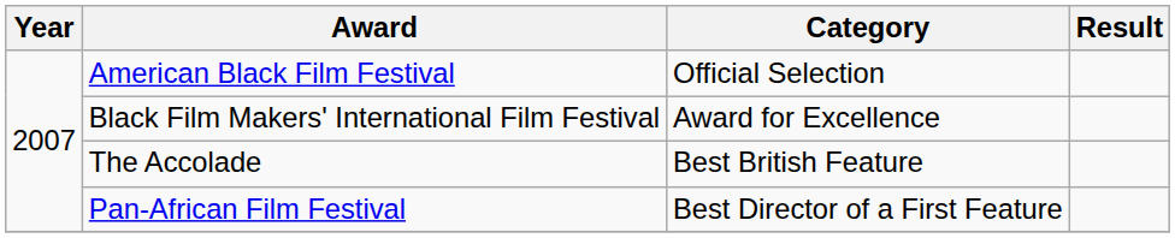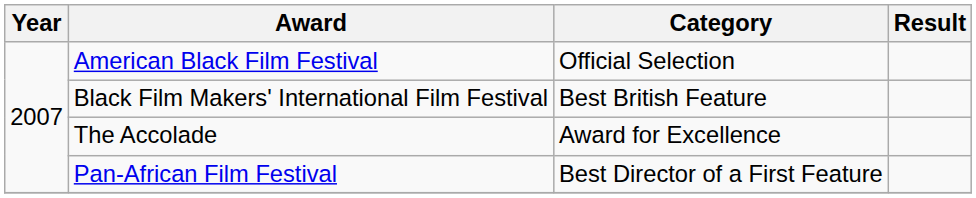 <table class="wikitable">
 <tr>
 <th>Year</th>
 <th>Award</th>
 <th>Category</th>
 <th>Result</th>
 </tr>
 <tr>
 <td rowspan="4">2007</td>
 <td><a href='#'>American Black Film Festival</a></td>
 <td>Official Selection</td>
 <td></td>
 </tr>
 <tr>
 <td>Black Film Makers' International Film Festival</td>
-<td>Award for Excellence</td>
+<td>Best British Feature</td>
 <td></td>
 </tr>
 <tr>
 <td>The Accolade</td>
-<td>Best British Feature</td>
+<td>Award for Excellence</td>
 <td></td>
 </tr>
 <tr>
 <td><a href='#'>Pan-African Film Festival</a></td>
 <td>Best Director of a First Feature</td>
 <td></td>
 </tr>
 <tr>
 </tr>
 </table>
